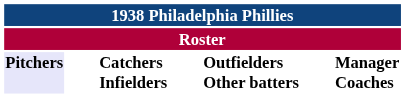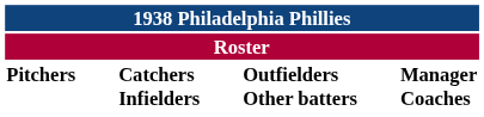 <table class="toccolours" style="font-size: 95%;">
 <tr>
 <th colspan="12" style="background-color: #0f437c; color: white; text-align: center;">1938 Philadelphia Phillies</th>
 </tr>
 <tr>
 <td colspan="10" style="background-color:#af0039; color: white; text-align: center;"><strong>Roster</strong></td>
 </tr>
 <tr>
-<td valign="top" style="background: lavender;"><strong>Pitchers</strong><br>              </td>
+<td valign="top"><strong>Pitchers</strong><br>              </td>
 <td width="25px"></td>
 <td valign="top"><strong>Catchers</strong><br>    <strong>Infielders</strong>          </td>
 <td width="25px"></td>
 <td valign="top"><strong>Outfielders</strong><br>        <strong>Other batters</strong> </td>
 <td width="25px"></td>
 <td valign="top"><strong>Manager</strong><br> <strong>Coaches</strong>  </td>
 </tr>
 </table>
